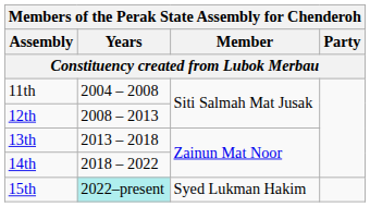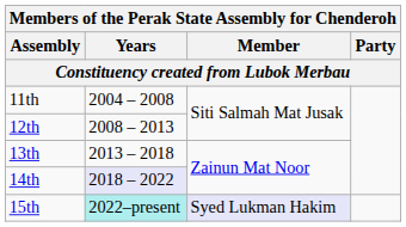 <table class="wikitable">
 <tr>
 <th colspan=4>Members of the Perak State Assembly for Chenderoh</th>
 </tr>
 <tr>
 <th>Assembly</th>
 <th>Years</th>
 <th>Member</th>
 <th>Party</th>
 </tr>
 <tr>
 <th colspan="4"><em>Constituency created from Lubok Merbau</em></th>
 </tr>
 <tr>
 <td>11th</td>
 <td>2004 – 2008</td>
 <td rowspan="2">Siti Salmah Mat Jusak</td>
 <td rowspan="4"></td>
 </tr>
 <tr>
 <td><a href='#'>12th</a></td>
 <td>2008 – 2013</td>
 </tr>
 <tr>
 <td><a href='#'>13th</a></td>
 <td>2013 – 2018</td>
 <td rowspan="2"><a href='#'>Zainun Mat Noor</a></td>
 </tr>
 <tr>
 <td><a href='#'>14th</a></td>
-<td>2018 – 2022</td>
+<td style="background: lavender;">2018 – 2022</td>
 </tr>
 <tr>
 <td><a href='#'>15th</a></td>
 <td style="background: paleturquoise;">2022–present</td>
-<td>Syed Lukman Hakim</td>
+<td style="background: lavender;">Syed Lukman Hakim</td>
 <td></td>
 </tr>
 </table>
